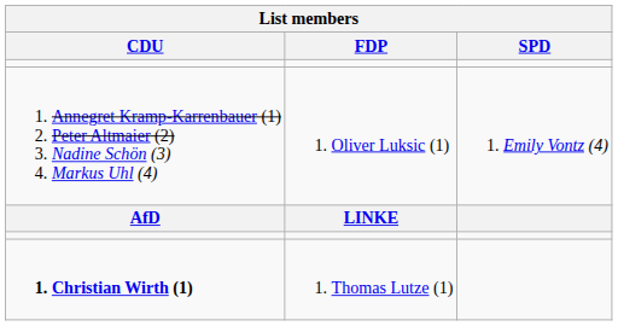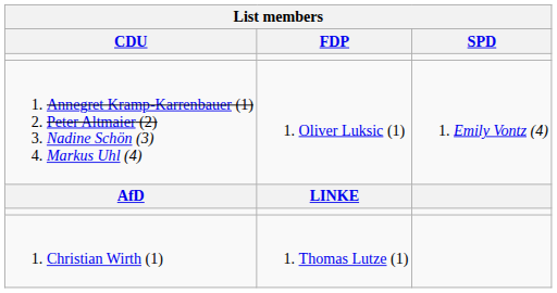 <table class=wikitable>
 <tr>
 <th colspan="4">List members</th>
 </tr>
 <tr>
 <th><a href='#'>CDU</a></th>
 <th><a href='#'>FDP</a></th>
 <th><a href='#'>SPD</a></th>
 </tr>
 <tr>
 <td bgcolor=></td>
 <td bgcolor=></td>
 <td></td>
 </tr>
 <tr>
 <td><br><ol><li><s><a href='#'>Annegret Kramp-Karrenbauer</a> (1)</s></li><li><s><a href='#'>Peter Altmaier</a> (2)</s></li><li><em><a href='#'>Nadine Schön</a> (3)</em></li><li><em><a href='#'>Markus Uhl</a> (4)</em></li></ol></td>
 <td><br><ol><li><a href='#'>Oliver Luksic</a> (1)</li></ol></td>
 <td><br><ol><li><em><a href='#'>Emily Vontz</a> (4)</em></li></ol></td>
 </tr>
 <tr>
 <th><a href='#'>AfD</a></th>
 <th><a href='#'>LINKE</a></th>
 <th></th>
 </tr>
 <tr>
 <td bgcolor=></td>
 <td bgcolor=></td>
 <td></td>
 </tr>
 <tr>
-<td><strong><br><ol><li><a href='#'>Christian Wirth</a> (1)</li></ol></strong></td>
+<td><br><ol><li><a href='#'>Christian Wirth</a> (1)</li></ol></td>
 <td><br><ol><li><a href='#'>Thomas Lutze</a> (1)</li></ol></td>
 <td></td>
 </tr>
 </table>
